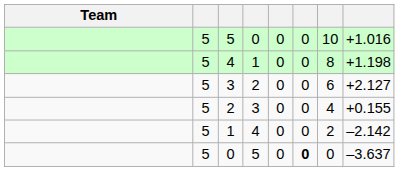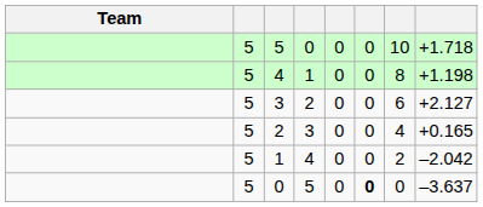 <table class="wikitable" style="text-align:center">
 <tr>
 <th width=200>Team</th>
 <th width=20></th>
 <th width=20></th>
 <th width=20></th>
 <th width=20></th>
 <th width=20></th>
 <th width=20></th>
 <th width=45></th>
 </tr>
 <tr style="background:#cfc">
 <td align="left"></td>
 <td>5</td>
 <td>5</td>
 <td>0</td>
 <td>0</td>
 <td>0</td>
 <td>10</td>
-<td>+1.016</td>
+<td>+1.718</td>
 </tr>
 <tr style="background:#cfc">
 <td align="left"></td>
 <td>5</td>
 <td>4</td>
 <td>1</td>
 <td>0</td>
 <td>0</td>
 <td>8</td>
 <td>+1.198</td>
 </tr>
 <tr>
 <td align="left"></td>
 <td>5</td>
 <td>3</td>
 <td>2</td>
 <td>0</td>
 <td>0</td>
 <td>6</td>
 <td>+2.127</td>
 </tr>
 <tr>
 <td align="left"></td>
 <td>5</td>
 <td>2</td>
 <td>3</td>
 <td>0</td>
 <td>0</td>
 <td>4</td>
-<td>+0.155</td>
+<td>+0.165</td>
 </tr>
 <tr>
 <td align="left"></td>
 <td>5</td>
 <td>1</td>
 <td>4</td>
 <td>0</td>
 <td>0</td>
 <td>2</td>
-<td>–2.142</td>
+<td>–2.042</td>
 </tr>
 <tr>
 <td align="left"></td>
 <td>5</td>
 <td>0</td>
 <td>5</td>
 <td>0</td>
 <td><strong>0</strong></td>
 <td>0</td>
 <td>–3.637</td>
 </tr>
 </table>
